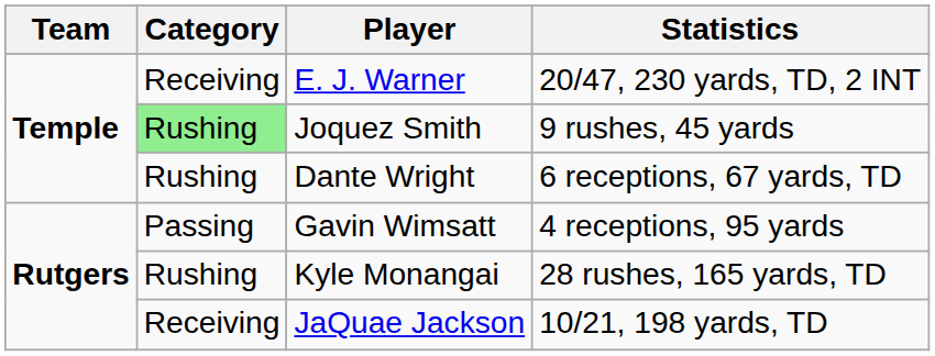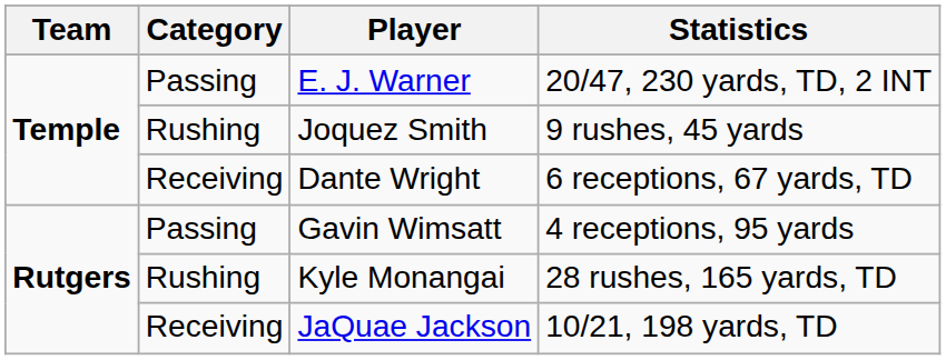 <table class="wikitable" style="float: left;">
 <tr>
 <th>Team</th>
 <th>Category</th>
 <th>Player</th>
 <th>Statistics</th>
 </tr>
 <tr>
 <td rowspan=3><strong>Temple</strong></td>
-<td>Receiving</td>
+<td>Passing</td>
 <td><a href='#'>E. J. Warner</a></td>
 <td>20/47, 230 yards, TD, 2 INT</td>
 </tr>
 <tr>
-<td style="background: lightgreen;">Rushing</td>
+<td>Rushing</td>
 <td>Joquez Smith</td>
 <td>9 rushes, 45 yards</td>
 </tr>
 <tr>
-<td>Rushing</td>
+<td>Receiving</td>
 <td>Dante Wright</td>
 <td>6 receptions, 67 yards, TD</td>
 </tr>
 <tr>
 <td rowspan=3><strong>Rutgers</strong></td>
 <td>Passing</td>
 <td>Gavin Wimsatt</td>
 <td>4 receptions, 95 yards</td>
 </tr>
 <tr>
 <td>Rushing</td>
 <td>Kyle Monangai</td>
 <td>28 rushes, 165 yards, TD</td>
 </tr>
 <tr>
 <td>Receiving</td>
 <td><a href='#'>JaQuae Jackson</a></td>
 <td>10/21, 198 yards, TD</td>
 </tr>
 </table>
